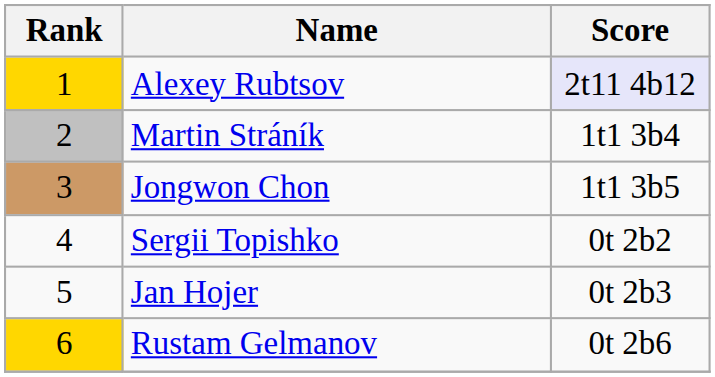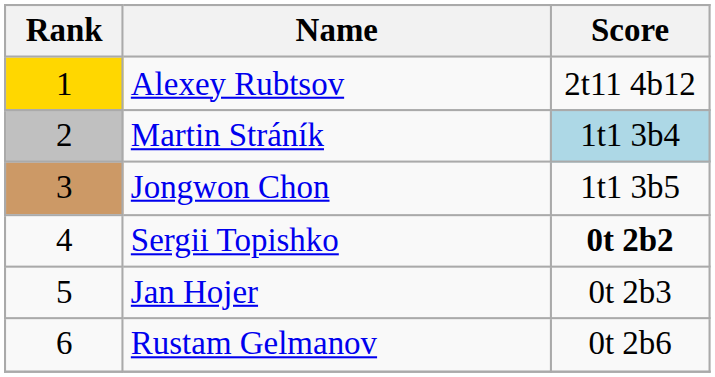 <table class="wikitable">
 <tr>
 <th width = "50">Rank</th>
 <th width = "200">Name</th>
 <th width = "70">Score</th>
 </tr>
 <tr>
 <td align="center" style="background: gold">1</td>
 <td> <a href='#'>Alexey Rubtsov</a></td>
-<td align="center" style="background: lavender;">2t11 4b12</td>
+<td align="center">2t11 4b12</td>
 </tr>
 <tr>
 <td align="center" style="background: silver">2</td>
 <td> <a href='#'>Martin Stráník</a></td>
-<td align="center">1t1 3b4</td>
+<td align="center" style="background: lightblue;">1t1 3b4</td>
 </tr>
 <tr>
 <td align="center" style="background: #cc9966">3</td>
 <td> <a href='#'>Jongwon Chon</a></td>
 <td align="center">1t1 3b5</td>
 </tr>
 <tr>
 <td align="center">4</td>
 <td> <a href='#'>Sergii Topishko</a></td>
-<td align="center">0t 2b2</td>
+<td align="center"><strong>0t 2b2</strong></td>
 </tr>
 <tr>
 <td align="center">5</td>
 <td> <a href='#'>Jan Hojer</a></td>
 <td align="center">0t 2b3</td>
 </tr>
 <tr>
-<td align="center" style="background: gold;">6</td>
+<td align="center">6</td>
 <td> <a href='#'>Rustam Gelmanov</a></td>
 <td align="center">0t 2b6</td>
 </tr>
 <tr>
 </tr>
 </table>
